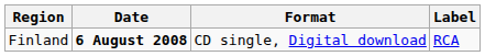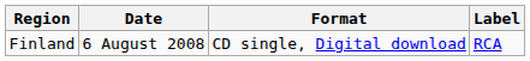 <table class=wikitable>
 <tr>
 <th>Region</th>
 <th>Date</th>
 <th>Format</th>
 <th>Label</th>
 </tr>
 <tr>
 <td>Finland</td>
-<td><strong>6 August 2008</strong></td>
+<td>6 August 2008</td>
 <td>CD single, <a href='#'>Digital download</a></td>
 <td><a href='#'>RCA</a></td>
 </tr>
 <tr>
 </tr>
 </table>
